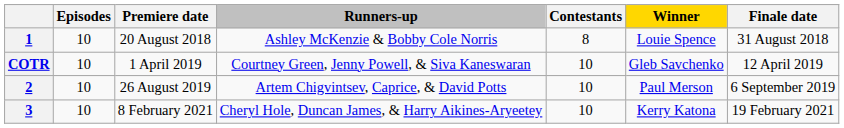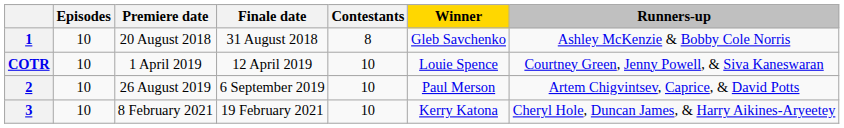 <table class="wikitable sortable" style="text-align:center; white-space:nowrap; font-size:85%; size:100%">
 <tr>
 <th><a href='#'></a></th>
 <th>Episodes</th>
 <th>Premiere date</th>
-<th style="background:silver;">Runners-up</th>
+<th>Finale date</th>
 <th>Contestants</th>
 <th style="background:gold;">Winner</th>
-<th>Finale date</th>
+<th style="background:silver;">Runners-up</th>
 </tr>
 <tr>
 <th><a href='#'>1</a></th>
 <td>10</td>
 <td>20 August 2018</td>
+<td>31 August 2018</td>
+<td>8</td>
+<td><a href='#'>Gleb Savchenko</a></td>
 <td><a href='#'>Ashley McKenzie</a> & <a href='#'>Bobby Cole Norris</a></td>
-<td>8</td>
-<td><a href='#'>Louie Spence</a></td>
-<td>31 August 2018</td>
 </tr>
 <tr>
 <th><a href='#'>COTR</a></th>
 <td>10</td>
 <td>1 April 2019</td>
+<td>12 April 2019</td>
+<td>10</td>
+<td><a href='#'>Louie Spence</a></td>
 <td><a href='#'>Courtney Green</a>, <a href='#'>Jenny Powell</a>, & <a href='#'>Siva Kaneswaran</a></td>
-<td>10</td>
-<td><a href='#'>Gleb Savchenko</a></td>
-<td>12 April 2019</td>
 </tr>
 <tr>
 <th><a href='#'>2</a></th>
 <td>10</td>
 <td>26 August 2019</td>
-<td><a href='#'>Artem Chigvintsev</a>, <a href='#'>Caprice</a>, & <a href='#'>David Potts</a></td>
+<td>6 September 2019</td>
 <td>10</td>
 <td><a href='#'>Paul Merson</a></td>
-<td>6 September 2019</td>
+<td><a href='#'>Artem Chigvintsev</a>, <a href='#'>Caprice</a>, & <a href='#'>David Potts</a></td>
 </tr>
 <tr>
 <th><a href='#'>3</a></th>
 <td>10</td>
 <td>8 February 2021</td>
-<td><a href='#'>Cheryl Hole</a>, <a href='#'>Duncan James</a>, & <a href='#'>Harry Aikines-Aryeetey</a></td>
+<td>19 February 2021</td>
 <td>10</td>
 <td><a href='#'>Kerry Katona</a></td>
-<td>19 February 2021</td>
+<td><a href='#'>Cheryl Hole</a>, <a href='#'>Duncan James</a>, & <a href='#'>Harry Aikines-Aryeetey</a></td>
 </tr>
 </table>
